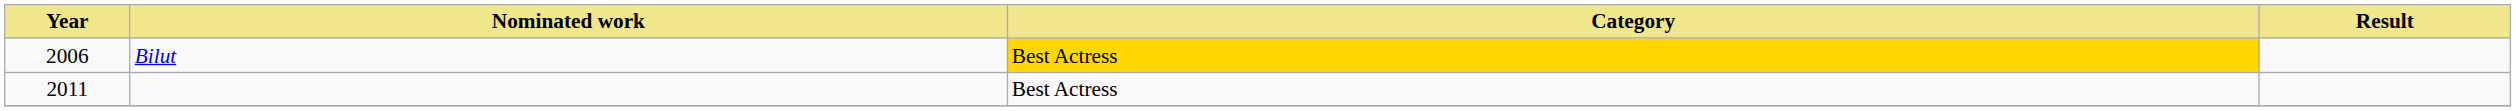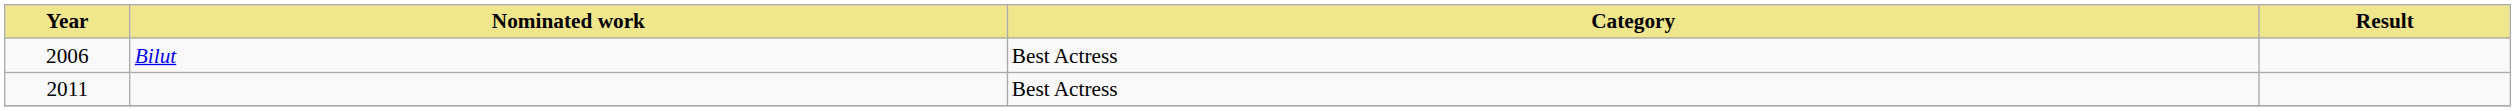 <table class="wikitable" width="95%">
 <tr>
 <th style="background:#F0E68C" width="5%">Year</th>
 <th style="background:#F0E68C" width="35%">Nominated work</th>
 <th style="background:#F0E68C" width="50%">Category</th>
 <th style="background:#F0E68C" width="10%">Result</th>
 </tr>
 <tr>
 <td align="center">2006</td>
 <td><em><a href='#'>Bilut</a></em></td>
-<td style="background: gold;">Best Actress</td>
+<td>Best Actress</td>
 <td></td>
 </tr>
 <tr>
 <td align="center">2011</td>
 <td><em></em></td>
 <td>Best Actress</td>
 <td></td>
 </tr>
 <tr>
 </tr>
 </table>
